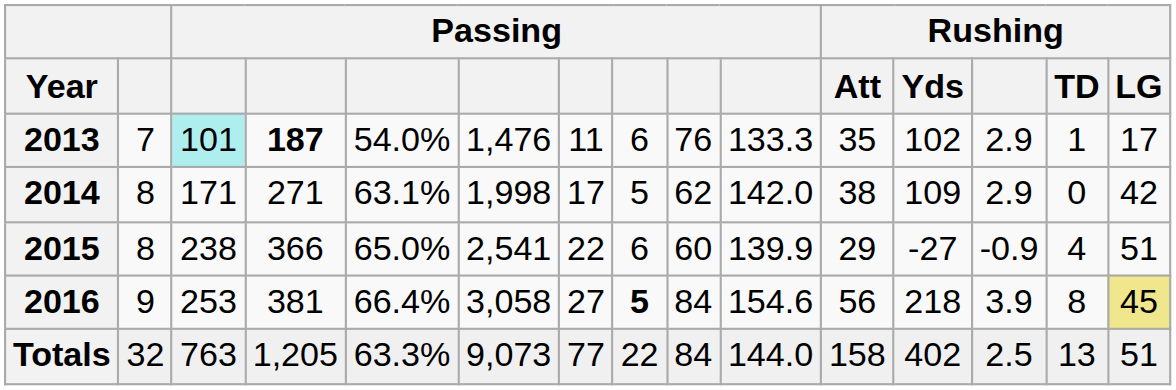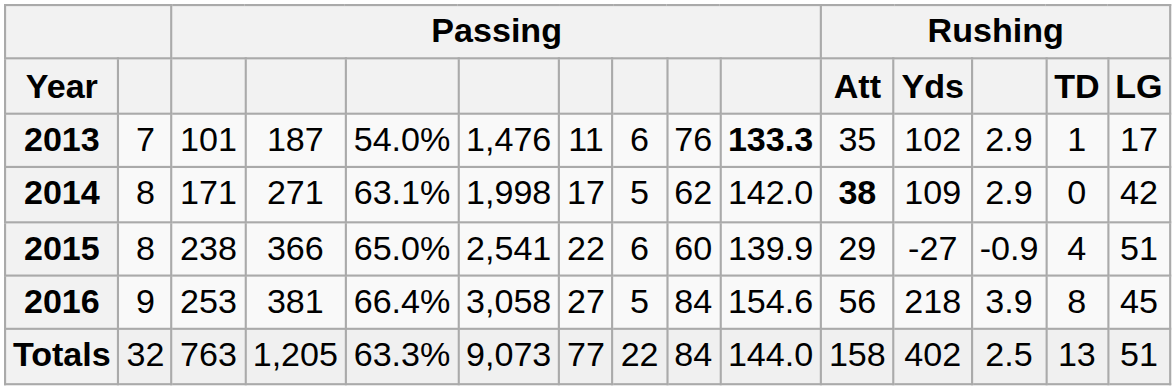 <table class="wikitable sortable" style="text-align:center">
 <tr>
 <th colspan="2"></th>
 <th colspan="8">Passing</th>
 <th colspan="6">Rushing</th>
 </tr>
 <tr>
 <th>Year</th>
 <th></th>
 <th></th>
 <th></th>
 <th></th>
 <th></th>
 <th></th>
 <th></th>
 <th></th>
 <th></th>
 <th>Att</th>
 <th>Yds</th>
 <th></th>
 <th>TD</th>
 <th>LG</th>
 </tr>
 <tr>
 <th>2013</th>
 <td>7</td>
-<td style="background: paleturquoise;">101</td>
-<td><strong>187</strong></td>
+<td>101</td>
+<td>187</td>
 <td>54.0%</td>
 <td>1,476</td>
 <td>11</td>
 <td>6</td>
 <td>76</td>
-<td>133.3</td>
+<td><strong>133.3</strong></td>
 <td>35</td>
 <td>102</td>
 <td>2.9</td>
 <td>1</td>
 <td>17</td>
 </tr>
 <tr>
 <th>2014</th>
 <td>8</td>
 <td>171</td>
 <td>271</td>
 <td>63.1%</td>
 <td>1,998</td>
 <td>17</td>
 <td>5</td>
 <td>62</td>
 <td>142.0</td>
-<td>38</td>
+<td><strong>38</strong></td>
 <td>109</td>
 <td>2.9</td>
 <td>0</td>
 <td>42</td>
 </tr>
 <tr>
 <th>2015</th>
 <td>8</td>
 <td>238</td>
 <td>366</td>
 <td>65.0%</td>
 <td>2,541</td>
 <td>22</td>
 <td>6</td>
 <td>60</td>
 <td>139.9</td>
 <td>29</td>
 <td>-27</td>
 <td>-0.9</td>
 <td>4</td>
 <td>51</td>
 </tr>
 <tr>
 <th>2016</th>
 <td>9</td>
 <td>253</td>
 <td>381</td>
 <td>66.4%</td>
 <td>3,058</td>
 <td>27</td>
-<td><strong>5</strong></td>
+<td>5</td>
 <td>84</td>
 <td>154.6</td>
 <td>56</td>
 <td>218</td>
 <td>3.9</td>
 <td>8</td>
-<td style="background: khaki;">45</td>
+<td>45</td>
 </tr>
 <tr class="sortbottom" style="background:#f0f0f0;">
 <th>Totals</th>
 <td>32</td>
 <td>763</td>
 <td>1,205</td>
 <td>63.3%</td>
 <td>9,073</td>
 <td>77</td>
 <td>22</td>
 <td>84</td>
 <td>144.0</td>
 <td>158</td>
 <td>402</td>
 <td>2.5</td>
 <td>13</td>
 <td>51</td>
 </tr>
 </table>
